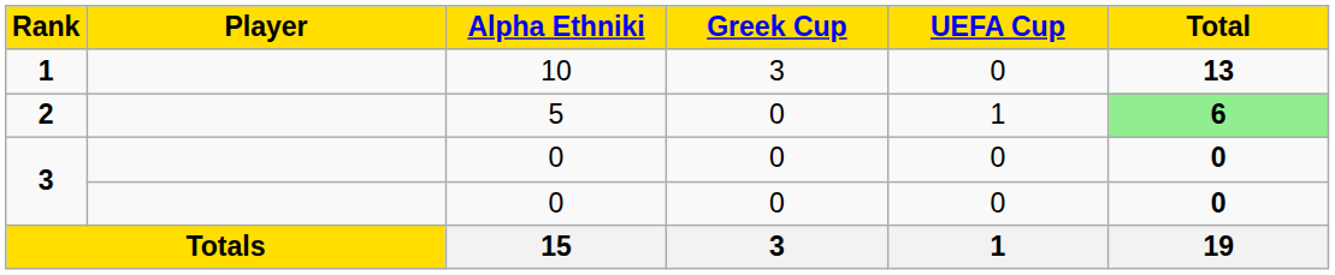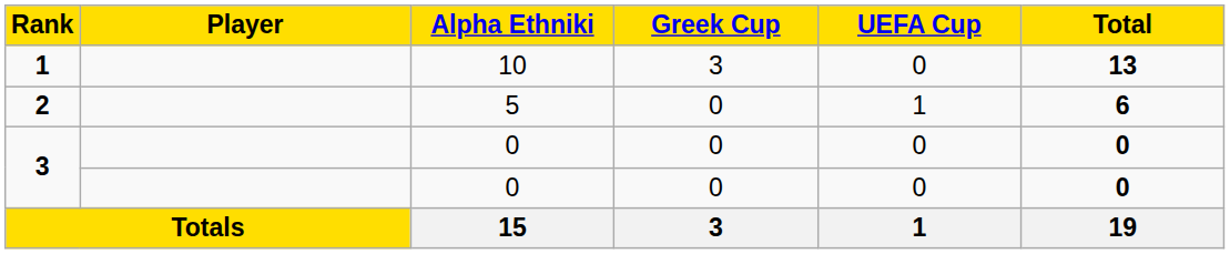 <table class="wikitable sortable" style="text-align:center">
 <tr>
 <th style="background:#FFDE00">Rank</th>
 <th width=200 style="background:#FFDE00">Player</th>
 <th width=120 style="background:#FFDE00"><a href='#'>Alpha Ethniki</a></th>
 <th width=120 style="background:#FFDE00"><a href='#'>Greek Cup</a></th>
 <th width=120 style="background:#FFDE00"><a href='#'>UEFA Cup</a></th>
 <th width=120 style="background:#FFDE00">Total</th>
 </tr>
 <tr>
 <td><strong>1</strong></td>
 <td align=left></td>
 <td>10</td>
 <td>3</td>
 <td>0</td>
 <td><strong>13</strong></td>
 </tr>
 <tr>
 <td><strong>2</strong></td>
 <td align=left></td>
 <td>5</td>
 <td>0</td>
 <td>1</td>
-<td style="background: lightgreen;"><strong>6</strong></td>
+<td><strong>6</strong></td>
 </tr>
 <tr>
 <td rowspan=2><strong>3</strong></td>
 <td align=left></td>
 <td>0</td>
 <td>0</td>
 <td>0</td>
 <td><strong>0</strong></td>
 </tr>
 <tr>
 <td align=left></td>
 <td>0</td>
 <td>0</td>
 <td>0</td>
 <td><strong>0</strong></td>
 </tr>
 <tr class="sortbottom">
 <th colspan=2 style="background:#FFDE00"><strong>Totals</strong></th>
 <th><strong>15</strong></th>
 <th><strong> 3</strong></th>
 <th><strong> 1</strong></th>
 <th><strong>19</strong></th>
 </tr>
 </table>
